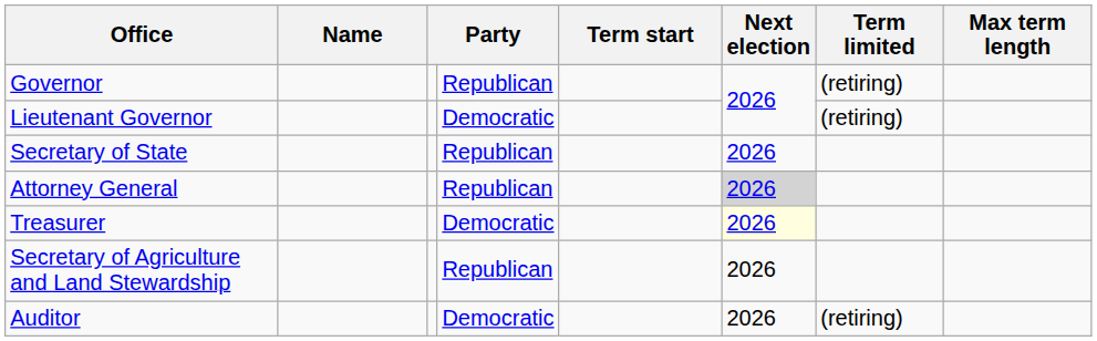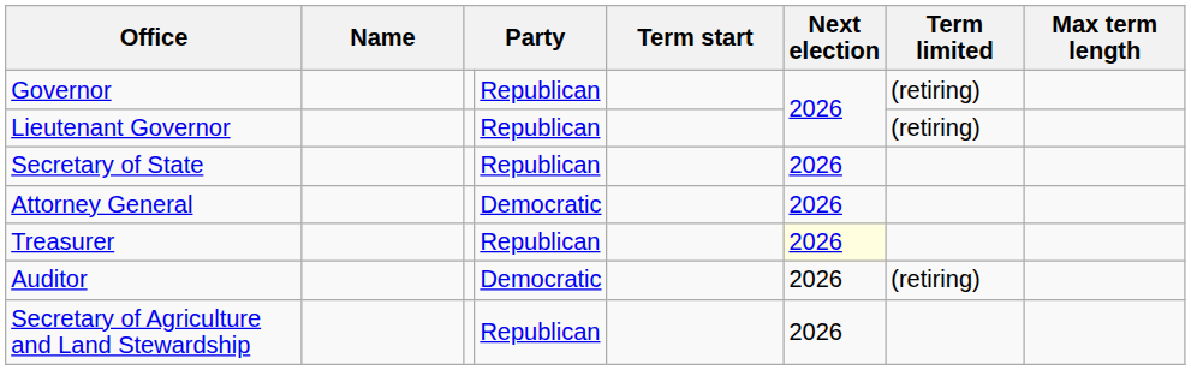 <table class="sortable wikitable">
 <tr>
 <th scope="col" width=190>Office</th>
 <th scope="col" width=100>Name</th>
 <th scope="col" width=75 colspan=2>Party</th>
 <th scope="col" width=110>Term start</th>
 <th scope="col" width=50>Next election</th>
 <th scope="col" width=85>Term limited</th>
 <th scope="col" width=100>Max term length</th>
 </tr>
 <tr>
 <td><a href='#'>Governor</a></td>
 <td></td>
 <td style="background-color:"></td>
 <td><a href='#'>Republican</a></td>
 <td></td>
 <td rowspan=2><a href='#'>2026</a></td>
 <td> (retiring)</td>
 <td></td>
 </tr>
 <tr>
 <td><a href='#'>Lieutenant Governor</a></td>
 <td></td>
 <td style="background-color:"></td>
-<td><a href='#'>Democratic</a></td>
+<td><a href='#'>Republican</a></td>
 <td></td>
 <td> (retiring)</td>
 <td></td>
 </tr>
 <tr>
 <td><a href='#'>Secretary of State</a></td>
 <td></td>
 <td style="background-color:"></td>
 <td><a href='#'>Republican</a></td>
 <td></td>
 <td><a href='#'>2026</a></td>
 <td></td>
 <td></td>
 </tr>
 <tr>
 <td><a href='#'>Attorney General</a></td>
 <td></td>
 <td style="background-color:"></td>
-<td><a href='#'>Republican</a></td>
+<td><a href='#'>Democratic</a></td>
 <td></td>
-<td style="background: lightgrey;"><a href='#'>2026</a></td>
+<td><a href='#'>2026</a></td>
 <td></td>
 <td></td>
 </tr>
 <tr>
 <td><a href='#'>Treasurer</a></td>
 <td></td>
 <td style="background-color:"></td>
-<td><a href='#'>Democratic</a></td>
+<td><a href='#'>Republican</a></td>
 <td></td>
 <td style="background: lightyellow;"><a href='#'>2026</a></td>
-<td></td>
-<td></td>
-</tr>
-<tr>
-<td><a href='#'>Secretary of Agriculture and Land Stewardship</a></td>
-<td></td>
-<td style="background-color:"></td>
-<td><a href='#'>Republican</a></td>
-<td></td>
-<td>2026</td>
 <td></td>
 <td></td>
 </tr>
 <tr>
 <td><a href='#'>Auditor</a></td>
 <td></td>
 <td style="background-color:"></td>
 <td><a href='#'>Democratic</a></td>
 <td></td>
 <td>2026</td>
 <td> (retiring)</td>
 <td></td>
 </tr>
+<tr>
+<td><a href='#'>Secretary of Agriculture and Land Stewardship</a></td>
+<td></td>
+<td style="background-color:"></td>
+<td><a href='#'>Republican</a></td>
+<td></td>
+<td>2026</td>
+<td></td>
+<td></td>
+</tr>
 </table>
